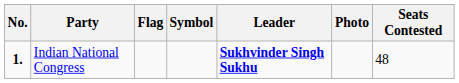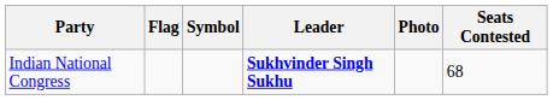 <table class="wikitable"   width="60%">
 <tr>
-<th>No.</th>
 <th>Party</th>
 <th>Flag</th>
 <th>Symbol</th>
 <th>Leader</th>
 <th>Photo</th>
 <th>Seats Contested</th>
 </tr>
 <tr>
-<td ! style="text-align:center; background:"><strong>1.</strong></td>
 <td><a href='#'>Indian National Congress</a></td>
 <td></td>
 <td></td>
 <td><strong><a href='#'>Sukhvinder Singh Sukhu</a></strong></td>
 <td></td>
-<td>48</td>
+<td>68</td>
 </tr>
 </table>
